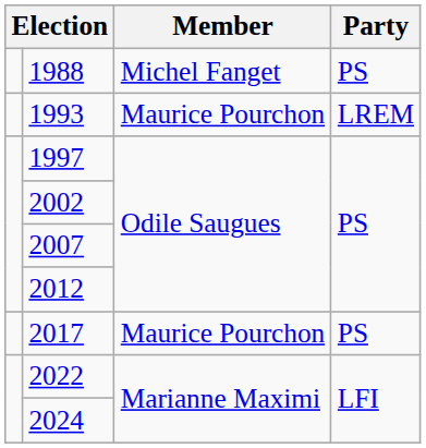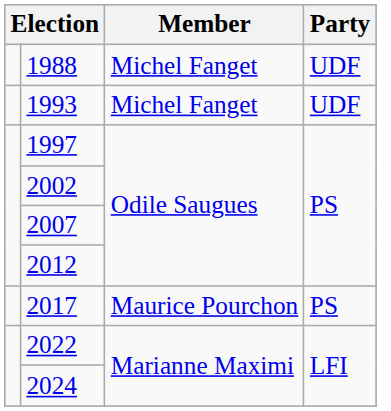 <table class="wikitable">
 <tr>
 <th colspan=2>Election</th>
 <th>Member</th>
 <th>Party</th>
 </tr>
 <tr>
 <td style="background-color: "></td>
 <td><a href='#'>1988</a></td>
 <td><a href='#'>Michel Fanget</a></td>
-<td><a href='#'>PS</a></td>
+<td><a href='#'>UDF</a></td>
 </tr>
 <tr>
 <td style="background-color: "></td>
 <td><a href='#'>1993</a></td>
-<td><a href='#'>Maurice Pourchon</a></td>
-<td><a href='#'>LREM</a></td>
+<td><a href='#'>Michel Fanget</a></td>
+<td><a href='#'>UDF</a></td>
 </tr>
 <tr>
 <td rowspan=4 style="background-color: "></td>
 <td><a href='#'>1997</a></td>
 <td rowspan=4><a href='#'>Odile Saugues</a></td>
 <td rowspan=4><a href='#'>PS</a></td>
 </tr>
 <tr>
 <td><a href='#'>2002</a></td>
 </tr>
 <tr>
 <td><a href='#'>2007</a></td>
 </tr>
 <tr>
 <td><a href='#'>2012</a></td>
 </tr>
 <tr>
 <td style="background-color: "></td>
 <td><a href='#'>2017</a></td>
 <td><a href='#'>Maurice Pourchon</a></td>
 <td><a href='#'>PS</a></td>
 </tr>
 <tr>
 <td rowspan=2 style="background-color: "></td>
 <td><a href='#'>2022</a></td>
 <td rowspan=2><a href='#'>Marianne Maximi</a></td>
 <td rowspan=2><a href='#'>LFI</a></td>
 </tr>
 <tr>
 <td><a href='#'>2024</a></td>
 </tr>
 </table>
